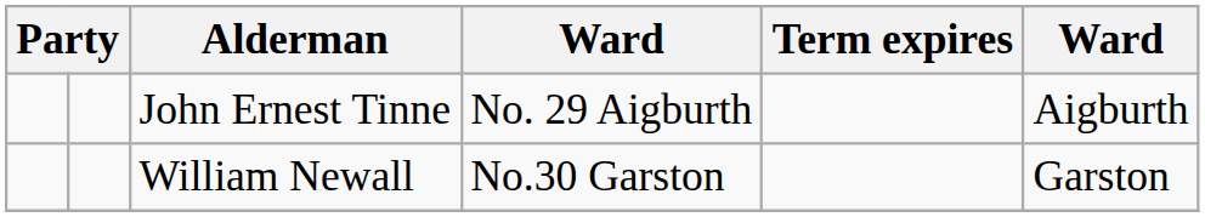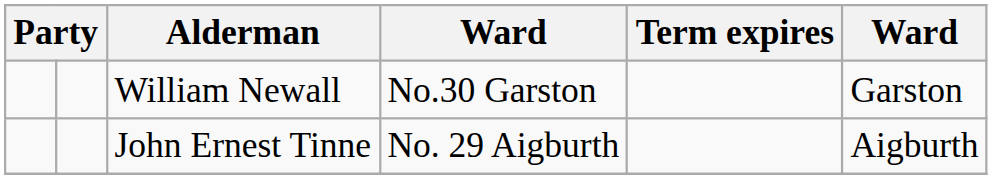 <table class="wikitable">
 <tr>
 <th colspan="2">Party</th>
 <th>Alderman</th>
 <th>Ward</th>
 <th>Term expires</th>
 <th>Ward</th>
 </tr>
 <tr>
 <td style="background-color:"></td>
 <td></td>
+<td>William Newall</td>
+<td>No.30 Garston</td>
+<td></td>
+<td>Garston</td>
+</tr>
+<tr>
+<td style="background-color:"></td>
+<td></td>
 <td>John Ernest Tinne</td>
 <td>No. 29 Aigburth</td>
 <td></td>
 <td>Aigburth</td>
 </tr>
 <tr>
-<td style="background-color:"></td>
-<td></td>
-<td>William Newall</td>
-<td>No.30 Garston</td>
-<td></td>
-<td>Garston</td>
-</tr>
-<tr>
 </tr>
 </table>
